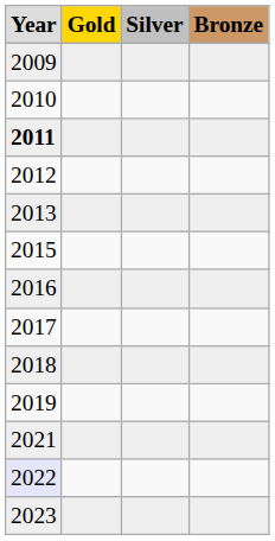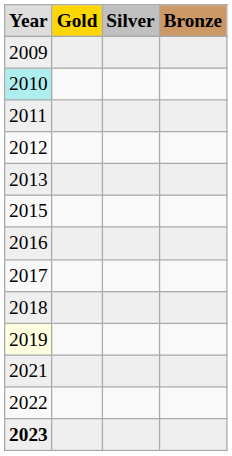 <table class="wikitable sortable" style="font-size:95%">
 <tr style="text-align:center; background:#e4e4e4; font-weight:bold;">
 <td style="background:#ddd;">Year</td>
 <td style="background:gold;">Gold</td>
 <td style="background:silver;">Silver</td>
 <td style="background:#c96;">Bronze</td>
 </tr>
 <tr style="background:#efefef;">
 </tr>
 <tr bgcolor="#EFEFEF">
 <td>2009</td>
 <td></td>
 <td></td>
 <td></td>
 </tr>
 <tr>
-<td>2010</td>
+<td style="background: paleturquoise;">2010</td>
 <td></td>
 <td></td>
 <td></td>
 </tr>
 <tr bgcolor="#EFEFEF">
-<td><strong>2011</strong></td>
+<td>2011</td>
 <td></td>
 <td></td>
 <td></td>
 </tr>
 <tr>
 <td>2012</td>
 <td></td>
 <td></td>
 <td></td>
 </tr>
 <tr bgcolor="#EFEFEF">
 <td>2013</td>
 <td></td>
 <td></td>
 <td></td>
 </tr>
 <tr>
 <td>2015</td>
 <td></td>
 <td></td>
 <td></td>
 </tr>
 <tr bgcolor="#EFEFEF">
 <td>2016</td>
 <td></td>
 <td></td>
 <td></td>
 </tr>
 <tr>
 <td>2017</td>
 <td></td>
 <td></td>
 <td></td>
 </tr>
 <tr bgcolor="#EFEFEF">
 <td>2018</td>
 <td></td>
 <td></td>
 <td></td>
 </tr>
 <tr>
-<td>2019</td>
+<td style="background: lightyellow;">2019</td>
 <td></td>
 <td></td>
 <td></td>
 </tr>
 <tr bgcolor="#EFEFEF">
 <td>2021</td>
 <td></td>
 <td></td>
 <td></td>
 </tr>
 <tr>
-<td style="background: lavender;">2022</td>
+<td>2022</td>
 <td></td>
 <td></td>
 <td></td>
 </tr>
 <tr bgcolor="#EFEFEF">
-<td>2023</td>
+<td><strong>2023</strong></td>
 <td></td>
 <td></td>
 <td></td>
 </tr>
 </table>
